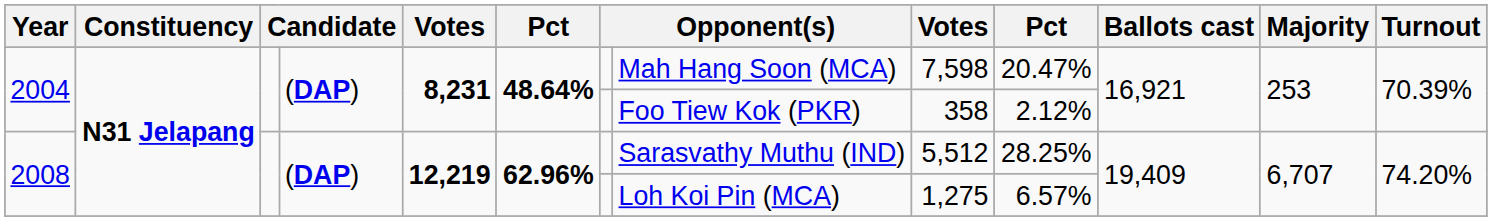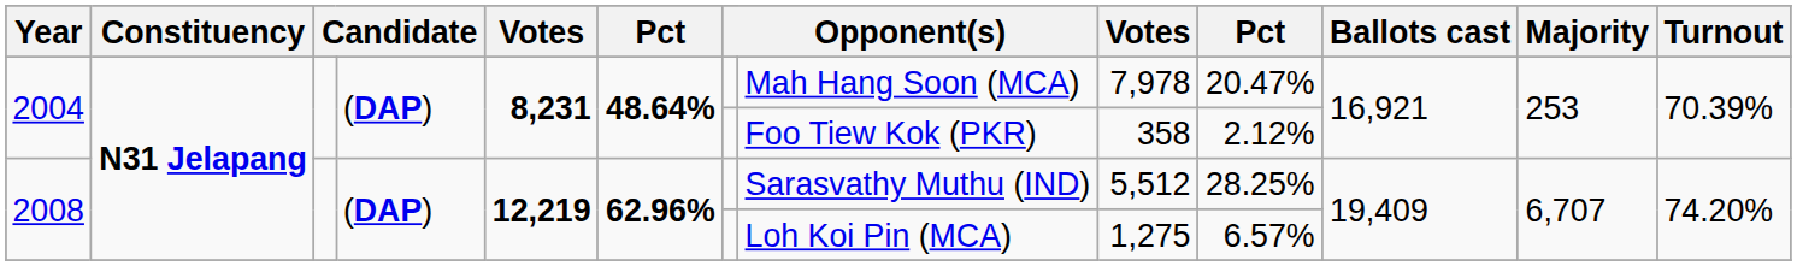 <table class="wikitable" style="margin:0.5em ; font-size:95%">
 <tr>
 <th>Year</th>
 <th>Constituency</th>
 <th colspan=2>Candidate</th>
 <th>Votes</th>
 <th>Pct</th>
 <th colspan=2>Opponent(s)</th>
 <th>Votes</th>
 <th>Pct</th>
 <th>Ballots cast</th>
 <th>Majority</th>
 <th>Turnout</th>
 </tr>
 <tr>
 <td rowspan="2"><a href='#'>2004</a></td>
 <td rowspan="4"><strong>N31 <a href='#'>Jelapang</a></strong></td>
 <td rowspan="2" ></td>
 <td rowspan="2"> (<a href='#'><strong>DAP</strong></a>)</td>
 <td rowspan="2" align="right"><strong>8,231</strong></td>
 <td rowspan="2"><strong>48.64%</strong></td>
 <td></td>
 <td><a href='#'>Mah Hang Soon</a> (<a href='#'>MCA</a>)</td>
-<td align="right">7,598</td>
+<td align="right">7,978</td>
 <td>20.47%</td>
 <td rowspan="2">16,921</td>
 <td rowspan="2">253</td>
 <td rowspan="2">70.39%</td>
 </tr>
 <tr>
 <td></td>
 <td><a href='#'>Foo Tiew Kok</a> (<a href='#'>PKR</a>)</td>
 <td align="right">358</td>
 <td align="right">2.12%</td>
 </tr>
 <tr>
 <td rowspan="2"><a href='#'>2008</a></td>
 <td rowspan="2" ></td>
 <td rowspan="2"> (<a href='#'><strong>DAP</strong></a>)</td>
 <td rowspan="2" align="right"><strong>12,219</strong></td>
 <td rowspan="2"><strong>62.96%</strong></td>
 <td></td>
 <td><a href='#'>Sarasvathy Muthu</a> (<a href='#'>IND</a>)</td>
 <td align="right">5,512</td>
 <td>28.25%</td>
 <td rowspan="2">19,409</td>
 <td rowspan="2">6,707</td>
 <td rowspan="2">74.20%</td>
 </tr>
 <tr>
 <td></td>
 <td><a href='#'>Loh Koi Pin</a> (<a href='#'>MCA</a>)</td>
 <td align="right">1,275</td>
 <td align="right">6.57%</td>
 </tr>
 </table>
